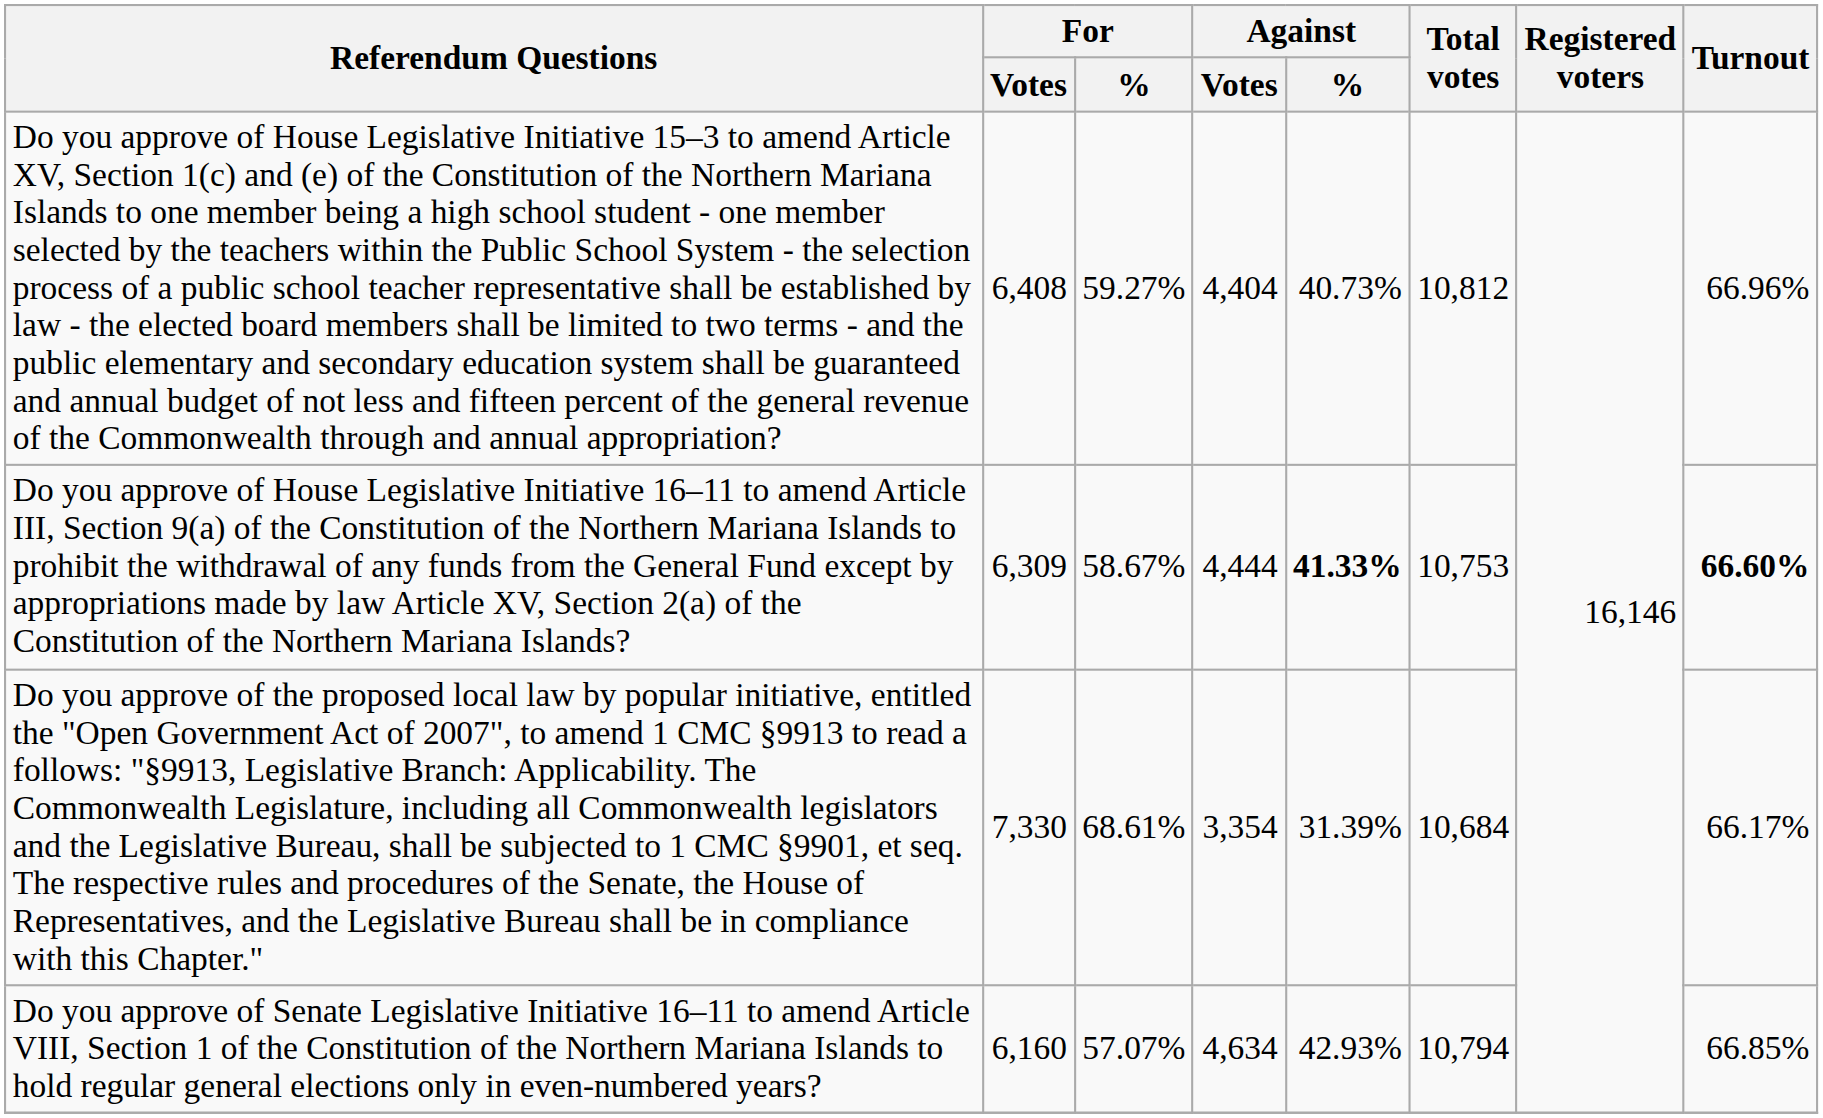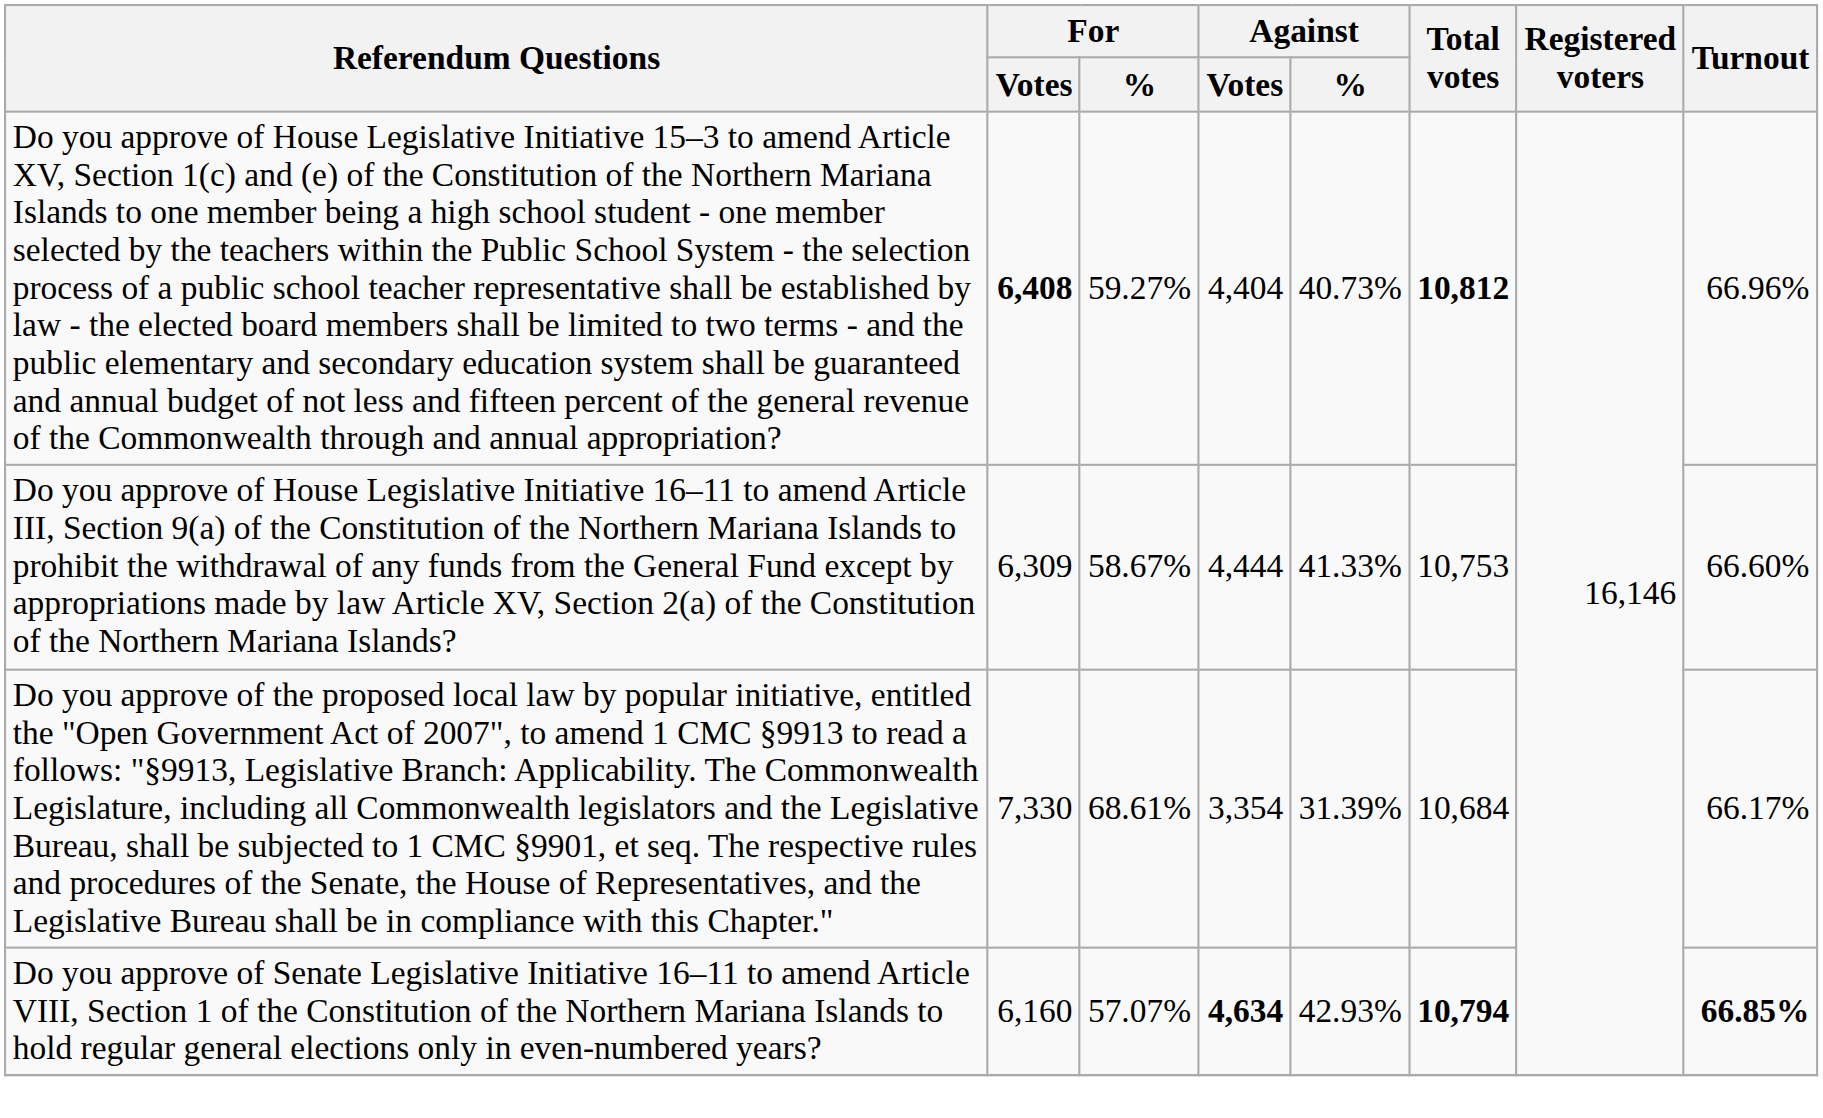 <table class=wikitable style=text-align:right>
 <tr>
 <th rowspan=2>Referendum Questions</th>
 <th colspan=2>For</th>
 <th colspan=2>Against</th>
 <th rowspan=2>Total<br>votes</th>
 <th rowspan=2>Registered<br>voters</th>
 <th rowspan=2>Turnout</th>
 </tr>
 <tr>
 <th>Votes</th>
 <th>%</th>
 <th>Votes</th>
 <th>%</th>
 </tr>
 <tr>
 <td align=left>Do you approve of House Legislative Initiative 15–3 to amend Article XV, Section 1(c) and (e) of the Constitution of the Northern Mariana Islands to one member being a high school student - one member selected by the teachers within the Public School System - the selection process of a public school teacher representative shall be established by law - the elected board members shall be limited to two terms - and the public elementary and secondary education system shall be guaranteed and annual budget of not less and fifteen percent of the general revenue of the Commonwealth through and annual appropriation?</td>
-<td>6,408</td>
+<td><strong>6,408</strong></td>
 <td>59.27%</td>
 <td>4,404</td>
 <td>40.73%</td>
-<td>10,812</td>
+<td><strong>10,812</strong></td>
 <td rowspan=4>16,146</td>
 <td>66.96%</td>
 </tr>
 <tr>
 <td align=left>Do you approve of House Legislative Initiative 16–11 to amend Article III, Section 9(a) of the Constitution of the Northern Mariana Islands to prohibit the withdrawal of any funds from the General Fund except by appropriations made by law Article XV, Section 2(a) of the Constitution of the Northern Mariana Islands?</td>
 <td>6,309</td>
 <td>58.67%</td>
 <td>4,444</td>
-<td><strong>41.33%</strong></td>
+<td>41.33%</td>
 <td>10,753</td>
-<td><strong>66.60%</strong></td>
+<td>66.60%</td>
 </tr>
 <tr>
 <td align=left>Do you approve of the proposed local law by popular initiative, entitled the "Open Government Act of 2007", to amend 1 CMC §9913 to read a follows: "§9913, Legislative Branch: Applicability. The Commonwealth Legislature, including all Commonwealth legislators and the Legislative Bureau, shall be subjected to 1 CMC §9901, et seq. The respective rules and procedures of the Senate, the House of Representatives, and the Legislative Bureau shall be in compliance with this Chapter."</td>
 <td>7,330</td>
 <td>68.61%</td>
 <td>3,354</td>
 <td>31.39%</td>
 <td>10,684</td>
 <td>66.17%</td>
 </tr>
 <tr>
 <td align=left>Do you approve of Senate Legislative Initiative 16–11 to amend Article VIII, Section 1 of the Constitution of the Northern Mariana Islands to hold regular general elections only in even-numbered years?</td>
 <td>6,160</td>
 <td>57.07%</td>
-<td>4,634</td>
+<td><strong>4,634</strong></td>
 <td>42.93%</td>
-<td>10,794</td>
-<td>66.85%</td>
+<td><strong>10,794</strong></td>
+<td><strong>66.85%</strong></td>
 </tr>
 <tr>
 </tr>
 </table>
